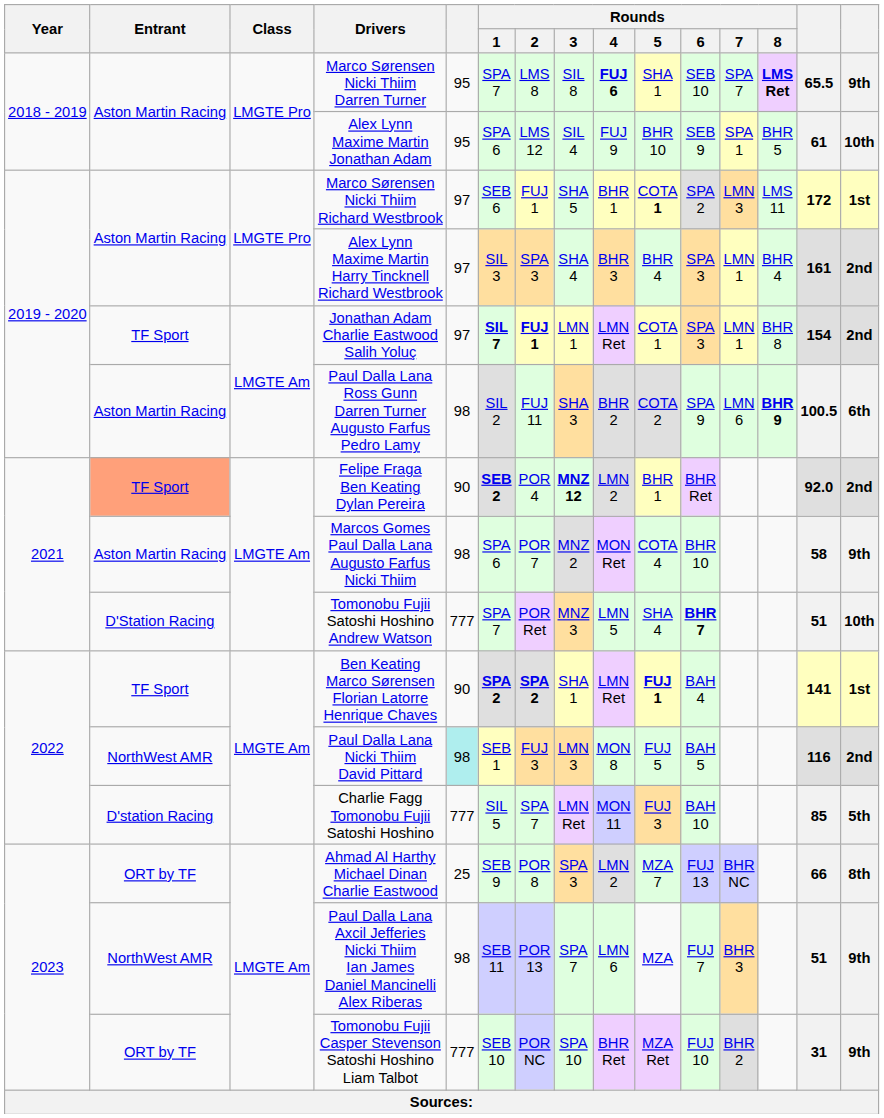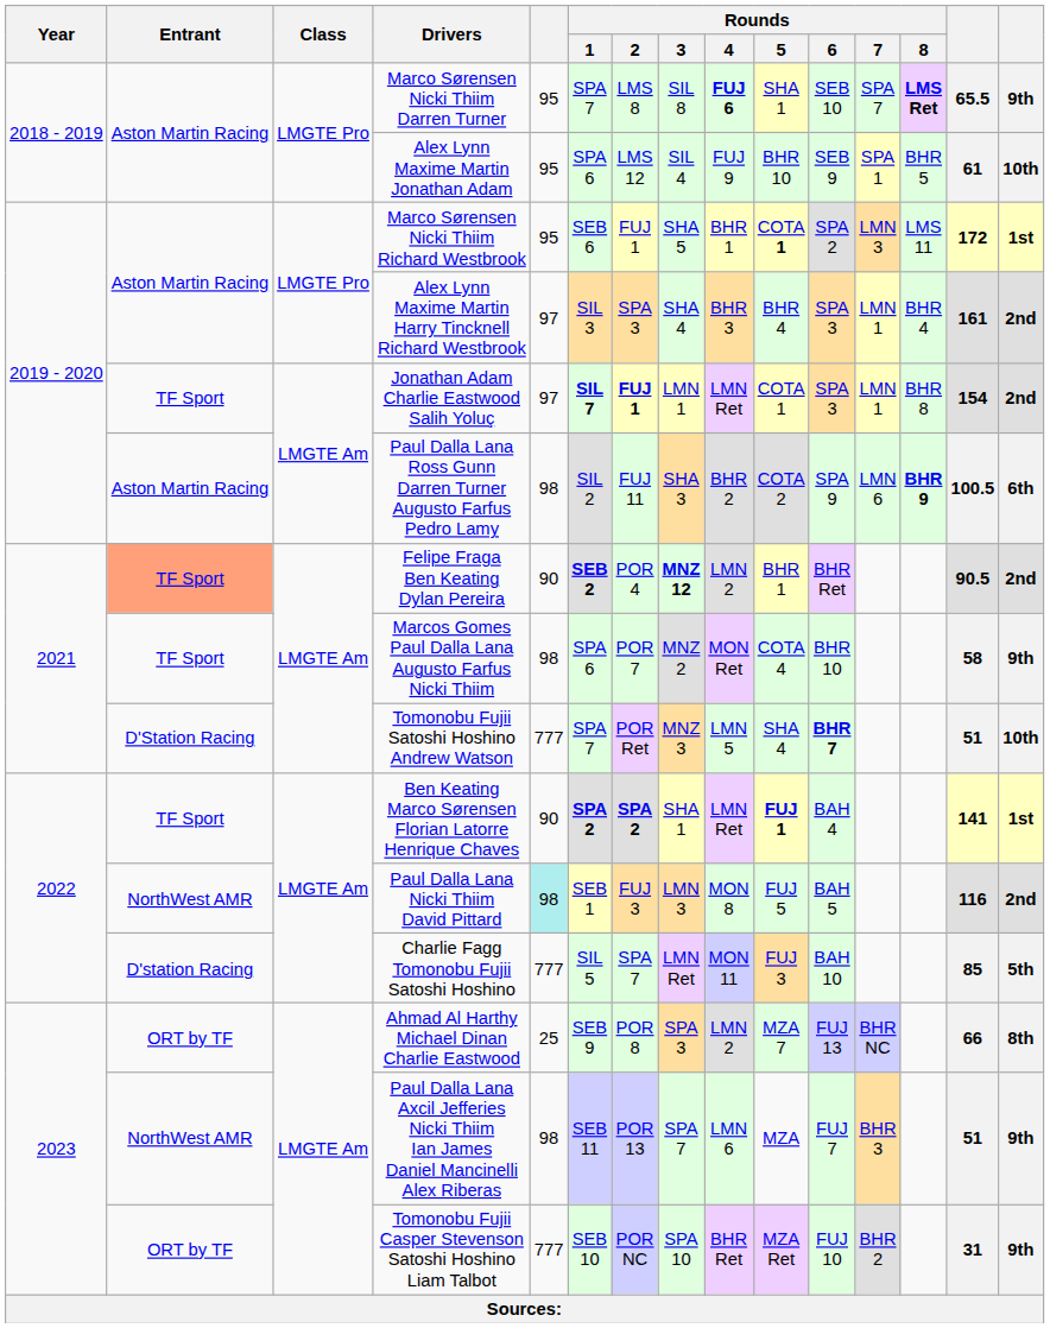 <table class="wikitable" style="text-align:center; font-size:80%">
 <tr>
 <th rowspan="2">Year</th>
 <th rowspan="2">Entrant</th>
 <th rowspan="2">Class</th>
 <th rowspan="2">Drivers</th>
 <th rowspan="2"></th>
 <th colspan="8">Rounds</th>
 <th rowspan="2" scope="col"></th>
 <th rowspan="2" scope="col"></th>
 </tr>
 <tr>
 <th scope="col">1</th>
 <th scope="col">2</th>
 <th scope="col">3</th>
 <th scope="col">4</th>
 <th scope="col">5</th>
 <th scope="col">6</th>
 <th scope="col">7</th>
 <th scope="col">8</th>
 </tr>
 <tr>
 <td rowspan="2"><a href='#'>2018 - 2019</a></td>
 <td rowspan="2"> <a href='#'>Aston Martin Racing</a></td>
 <td rowspan="2"><a href='#'>LMGTE Pro</a></td>
 <td> <a href='#'>Marco Sørensen</a><br> <a href='#'>Nicki Thiim</a><br> <a href='#'>Darren Turner</a></td>
 <td>95</td>
 <td style="background:#DFFFDF;"><a href='#'>SPA</a><br>7</td>
 <td style="background:#DFFFDF;"><a href='#'>LMS</a><br>8</td>
 <td style="background:#DFFFDF;"><a href='#'>SIL</a><br>8</td>
 <td style="background:#DFFFDF;"><strong><a href='#'>FUJ</a><br>6</strong></td>
 <td style="background:#FFFFBF;"><a href='#'>SHA</a><br>1</td>
 <td style="background:#DFFFDF;"><a href='#'>SEB</a><br>10</td>
 <td style="background:#DFFFDF;"><a href='#'>SPA</a><br>7</td>
 <td style="background:#EFCFFF;"><strong><a href='#'>LMS</a><br>Ret</strong></td>
 <th>65.5</th>
 <th>9th</th>
 </tr>
 <tr>
 <td> <a href='#'>Alex Lynn</a><br> <a href='#'>Maxime Martin</a><br> <a href='#'>Jonathan Adam</a></td>
 <td>95</td>
 <td style="background:#DFFFDF;"><a href='#'>SPA</a><br>6</td>
 <td style="background:#DFFFDF;"><a href='#'>LMS</a><br>12</td>
 <td style="background:#DFFFDF;"><a href='#'>SIL</a><br>4</td>
 <td style="background:#DFFFDF;"><a href='#'>FUJ</a><br>9</td>
 <td style="background:#dfffdf;"><a href='#'>BHR</a><br>10</td>
 <td style="background:#DFFFDF;"><a href='#'>SEB</a><br>9</td>
 <td style="background:#FFFFBF;"><a href='#'>SPA</a><br>1</td>
 <td style="background:#DFFFDF;"><a href='#'>BHR</a><br>5</td>
 <th>61</th>
 <th>10th</th>
 </tr>
 <tr>
 <td rowspan="4"><a href='#'>2019 - 2020</a></td>
 <td rowspan="2"> <a href='#'>Aston Martin Racing</a></td>
 <td rowspan="2"><a href='#'>LMGTE Pro</a></td>
 <td> <a href='#'>Marco Sørensen</a><br> <a href='#'>Nicki Thiim</a><br> <a href='#'>Richard Westbrook</a></td>
-<td>97</td>
+<td>95</td>
 <td style="background:#dfffdf;"><a href='#'>SEB</a><br>6</td>
 <td style="background:#FFFFBF;"><a href='#'>FUJ</a><br>1</td>
 <td style="background:#DFFFDF;"><a href='#'>SHA</a><br>5</td>
 <td style="background:#FFFFBF;"><a href='#'>BHR</a><br>1</td>
 <td style="background:#FFFFBF;"><a href='#'>COTA</a><br><strong>1</strong></td>
 <td style="background:#DFDFDF;”"><a href='#'>SPA</a><br>2</td>
 <td style="background:#FFDF9F;"><a href='#'>LMN</a><br>3</td>
 <td style="background:#DFFFDF;"><a href='#'>LMS</a><br>11</td>
 <th style="background:#FFFFBF;">172</th>
 <th style="background:#FFFFBF;">1st</th>
 </tr>
 <tr>
 <td> <a href='#'>Alex Lynn</a><br> <a href='#'>Maxime Martin</a><br> <a href='#'>Harry Tincknell</a><br> <a href='#'>Richard Westbrook</a></td>
 <td>97</td>
 <td style="background:#FFDF9F;"><a href='#'>SIL</a><br>3</td>
 <td style="background:#ffdf9f;"><a href='#'>SPA</a><br>3</td>
 <td style="background:#DFFFDF;"><a href='#'>SHA</a><br>4</td>
 <td style="background:#FFDF9F;"><a href='#'>BHR</a><br>3</td>
 <td style="background:#dfffdf;"><a href='#'>BHR</a><br>4</td>
 <td style="background:#FFDF9F;"><a href='#'>SPA</a><br>3</td>
 <td style="background:#FFFFBF;"><a href='#'>LMN</a><br>1</td>
 <td style="background:#DFFFDF;"><a href='#'>BHR</a><br>4</td>
 <th style="background:#DFDFDF;”">161</th>
 <th style="background:#DFDFDF;”">2nd</th>
 </tr>
 <tr>
 <td> <a href='#'>TF Sport</a></td>
 <td rowspan="2"><a href='#'>LMGTE Am</a></td>
 <td> <a href='#'>Jonathan Adam</a><br> <a href='#'>Charlie Eastwood</a><br> <a href='#'>Salih Yoluç</a></td>
 <td>97</td>
 <td style="background:#DFFFDF;"><strong><a href='#'>SIL</a><br>7</strong></td>
 <td style="background:#FFFFBF;"><strong><a href='#'>FUJ</a><br>1</strong></td>
 <td style="background:#ffffbf;"><a href='#'>LMN</a><br>1</td>
 <td style="background:#EFCFFF;"><a href='#'>LMN</a><br>Ret</td>
 <td style="background:#FFFFBF;"><a href='#'>COTA</a><br>1</td>
 <td style="background:#FFDF9F;"><a href='#'>SPA</a><br>3</td>
 <td style="background:#FFFFBF;"><a href='#'>LMN</a><br>1</td>
 <td style="background:#DFFFDF;"><a href='#'>BHR</a><br>8</td>
 <th style="background:#DFDFDF;”">154</th>
 <th style="background:#DFDFDF;”">2nd</th>
 </tr>
 <tr>
 <td> <a href='#'>Aston Martin Racing</a></td>
 <td> <a href='#'>Paul Dalla Lana</a><br> <a href='#'>Ross Gunn</a><br> <a href='#'>Darren Turner</a><br> <a href='#'>Augusto Farfus</a><br> <a href='#'>Pedro Lamy</a></td>
 <td>98</td>
 <td style="background:#DFDFDF;”"><a href='#'>SIL</a><br>2</td>
 <td style="background:#DFFFDF;"><a href='#'>FUJ</a><br>11</td>
 <td style="background:#FFDF9F;"><a href='#'>SHA</a><br>3</td>
 <td style="background:#DFDFDF;”"><a href='#'>BHR</a><br>2</td>
 <td style="background:#DFDFDF;”"><a href='#'>COTA</a><br>2</td>
 <td style="background:#DFFFDF;"><a href='#'>SPA</a><br>9</td>
 <td style="background:#DFFFDF;"><a href='#'>LMN</a><br>6</td>
 <td style="background:#DFFFDF;"><strong><a href='#'>BHR</a><br>9</strong></td>
 <th>100.5</th>
 <th>6th</th>
 </tr>
 <tr>
 <td rowspan="3"><a href='#'>2021</a></td>
 <td style="background: lightsalmon;"> <a href='#'>TF Sport</a></td>
 <td rowspan="3"><a href='#'>LMGTE Am</a></td>
 <td> <a href='#'>Felipe Fraga</a><br> <a href='#'>Ben Keating</a><br> <a href='#'>Dylan Pereira</a></td>
 <td>90</td>
 <td style="background:#dfdfdf;"><strong><a href='#'>SEB</a><br>2</strong></td>
 <td style="background:#dfffdf;"><a href='#'>POR</a><br>4</td>
 <td style="background:#dfffdf;"><strong><a href='#'>MNZ</a><br>12</strong></td>
 <td style="background:#dfdfdf;"><a href='#'>LMN</a><br>2</td>
 <td style="background:#FFFFBF;"><a href='#'>BHR</a><br>1</td>
 <td style="background:#EFCFFF;"><a href='#'>BHR</a><br>Ret</td>
 <td></td>
 <td></td>
-<th style="background:#dfdfdf;">92.0</th>
+<th style="background:#dfdfdf;">90.5</th>
 <th style="background:#dfdfdf;">2nd</th>
 </tr>
 <tr>
-<td> <a href='#'>Aston Martin Racing</a></td>
+<td> <a href='#'>TF Sport</a></td>
 <td> <a href='#'>Marcos Gomes</a><br> <a href='#'>Paul Dalla Lana</a><br> <a href='#'>Augusto Farfus</a><br> <a href='#'>Nicki Thiim</a></td>
 <td>98</td>
 <td style="background:#dfffdf;"><a href='#'>SPA</a><br>6</td>
 <td style="background:#dfffdf;"><a href='#'>POR</a><br>7</td>
 <td style="background:#dfdfdf;"><a href='#'>MNZ</a><br>2</td>
 <td style="background:#EFCFFF;"><a href='#'>MON</a><br>Ret</td>
 <td style="background:#DFFFDF;"><a href='#'>COTA</a><br>4</td>
 <td style="background:#dfffdf;"><a href='#'>BHR</a><br>10</td>
 <td></td>
 <td></td>
 <th>58</th>
 <th>9th</th>
 </tr>
 <tr>
 <td> <a href='#'>D'Station Racing</a></td>
 <td> <a href='#'>Tomonobu Fujii</a><br> Satoshi Hoshino<br> <a href='#'>Andrew Watson</a></td>
 <td>777</td>
 <td style="background:#dfffdf;"><a href='#'>SPA</a><br>7</td>
 <td style="background:#EFCFFF;"><a href='#'>POR</a><br>Ret</td>
 <td style="background:#FFDF9F;"><a href='#'>MNZ</a><br>3</td>
 <td style="background:#dfffdf;"><a href='#'>LMN</a><br>5</td>
 <td style="background:#DFFFDF;"><a href='#'>SHA</a><br>4</td>
 <td style="background:#dfffdf;"><strong><a href='#'>BHR</a><br>7</strong></td>
 <td></td>
 <td></td>
 <th>51</th>
 <th>10th</th>
 </tr>
 <tr>
 <td rowspan="3"><a href='#'>2022</a></td>
 <td> <a href='#'>TF Sport</a></td>
 <td rowspan="3"><a href='#'>LMGTE Am</a></td>
 <td> <a href='#'>Ben Keating</a><br> <a href='#'>Marco Sørensen</a><br> <a href='#'>Florian Latorre</a><br> <a href='#'>Henrique Chaves</a></td>
 <td>90</td>
 <td style="background:#dfdfdf;"><strong><a href='#'>SPA</a><br>2</strong></td>
 <td style="background:#dfdfdf;"><strong><a href='#'>SPA</a><br>2</strong></td>
 <td style="background:#FFFFBF;"><a href='#'>SHA</a><br>1</td>
 <td style="background:#EFCFFF;"><a href='#'>LMN</a><br>Ret</td>
 <td style="background:#ffffbf;"><strong><a href='#'>FUJ</a><br>1</strong></td>
 <td style="background:#dfffdf;"><a href='#'>BAH</a><br>4</td>
 <td></td>
 <td></td>
 <th style="background:#ffffbf;">141</th>
 <th style="background:#ffffbf;">1st</th>
 </tr>
 <tr>
 <td> <a href='#'>NorthWest AMR</a></td>
 <td> <a href='#'>Paul Dalla Lana</a><br> <a href='#'>Nicki Thiim</a><br> <a href='#'>David Pittard</a></td>
 <td style="background: paleturquoise;">98</td>
 <td style="background:#ffffbf;"><a href='#'>SEB</a><br>1</td>
 <td style="background:#FFDF9F;"><a href='#'>FUJ</a><br>3</td>
 <td style="background:#ffdf9f;"><a href='#'>LMN</a><br>3</td>
 <td style="background:#dfffdf;"><a href='#'>MON</a><br>8</td>
 <td style="background:#dfffdf;"><a href='#'>FUJ</a><br>5</td>
 <td style="background:#dfffdf;"><a href='#'>BAH</a><br>5</td>
 <td></td>
 <td></td>
 <th style="background:#dfdfdf;">116</th>
 <th style="background:#dfdfdf;">2nd</th>
 </tr>
 <tr>
 <td> <a href='#'>D'station Racing</a></td>
 <td> Charlie Fagg<br> <a href='#'>Tomonobu Fujii</a><br> Satoshi Hoshino</td>
 <td>777</td>
 <td style="background:#DFFFDF;"><a href='#'>SIL</a><br>5</td>
 <td style="background:#dfffdf;"><a href='#'>SPA</a><br>7</td>
 <td style="background:#EFCFFF;"><a href='#'>LMN</a><br>Ret</td>
 <td style="background:#cfcfff;"><a href='#'>MON</a><br>11</td>
 <td style="background:#ffdf9f;"><a href='#'>FUJ</a><br>3</td>
 <td style="background:#dfffdf;"><a href='#'>BAH</a><br>10</td>
 <td></td>
 <td></td>
 <th>85</th>
 <th>5th</th>
 </tr>
 <tr>
 <td rowspan="3"><a href='#'>2023</a></td>
 <td> <a href='#'>ORT by TF</a></td>
 <td rowspan="3"><a href='#'>LMGTE Am</a></td>
 <td> <a href='#'>Ahmad Al Harthy</a><br> <a href='#'>Michael Dinan</a><br> <a href='#'>Charlie Eastwood</a></td>
 <td>25</td>
 <td style="background:#DFFFDF;"><a href='#'>SEB</a><br>9</td>
 <td style="background:#DFFFDF;"><a href='#'>POR</a><br>8</td>
 <td style="background:#ffdf9f;"><a href='#'>SPA</a><br>3</td>
 <td style="background:#dfdfdf;"><a href='#'>LMN</a><br>2</td>
 <td style="background:#DFFFDF;"><a href='#'>MZA</a><br>7</td>
 <td style="background:#cfcfff;"><a href='#'>FUJ</a><br>13</td>
 <td style="background:#cfcfff;"><a href='#'>BHR</a><br>NC</td>
 <td></td>
 <th>66</th>
 <th>8th</th>
 </tr>
 <tr>
 <td> <a href='#'>NorthWest AMR</a></td>
 <td> <a href='#'>Paul Dalla Lana</a><br> <a href='#'>Axcil Jefferies</a><br> <a href='#'>Nicki Thiim</a><br> <a href='#'>Ian James</a><br> <a href='#'>Daniel Mancinelli</a><br> <a href='#'>Alex Riberas</a></td>
 <td>98</td>
 <td style="background:#cfcfff;"><a href='#'>SEB</a><br>11</td>
 <td style="background:#cfcfff;"><a href='#'>POR</a><br>13</td>
 <td style="background:#DFFFDF;"><a href='#'>SPA</a><br>7</td>
 <td style="background:#DFFFDF;"><a href='#'>LMN</a><br>6</td>
 <td style="background:#;”"><a href='#'>MZA</a><br></td>
 <td style="background:#DFFFDF;"><a href='#'>FUJ</a><br>7</td>
 <td style="background:#FFDF9F;”"><a href='#'>BHR</a><br>3</td>
 <td></td>
 <th>51</th>
 <th>9th</th>
 </tr>
 <tr>
 <td> <a href='#'>ORT by TF</a></td>
 <td> <a href='#'>Tomonobu Fujii</a><br> <a href='#'>Casper Stevenson</a><br> Satoshi Hoshino<br> Liam Talbot</td>
 <td>777</td>
 <td style="background:#DFFFDF;"><a href='#'>SEB</a><br>10</td>
 <td style="background:#cfcfff;"><a href='#'>POR</a><br>NC</td>
 <td style="background:#DFFFDF;"><a href='#'>SPA</a><br>10</td>
 <td style="background:#EFCFFF;"><a href='#'>BHR</a><br>Ret</td>
 <td style="background:#EFCFFF;"><a href='#'>MZA</a><br>Ret</td>
 <td style="background:#DFFFDF;"><a href='#'>FUJ</a><br>10</td>
 <td style="background:#DFDFDF;”"><a href='#'>BHR</a><br>2</td>
 <td></td>
 <th>31</th>
 <th>9th</th>
 </tr>
 <tr>
 <th colspan="15">Sources:</th>
 </tr>
 </table>
